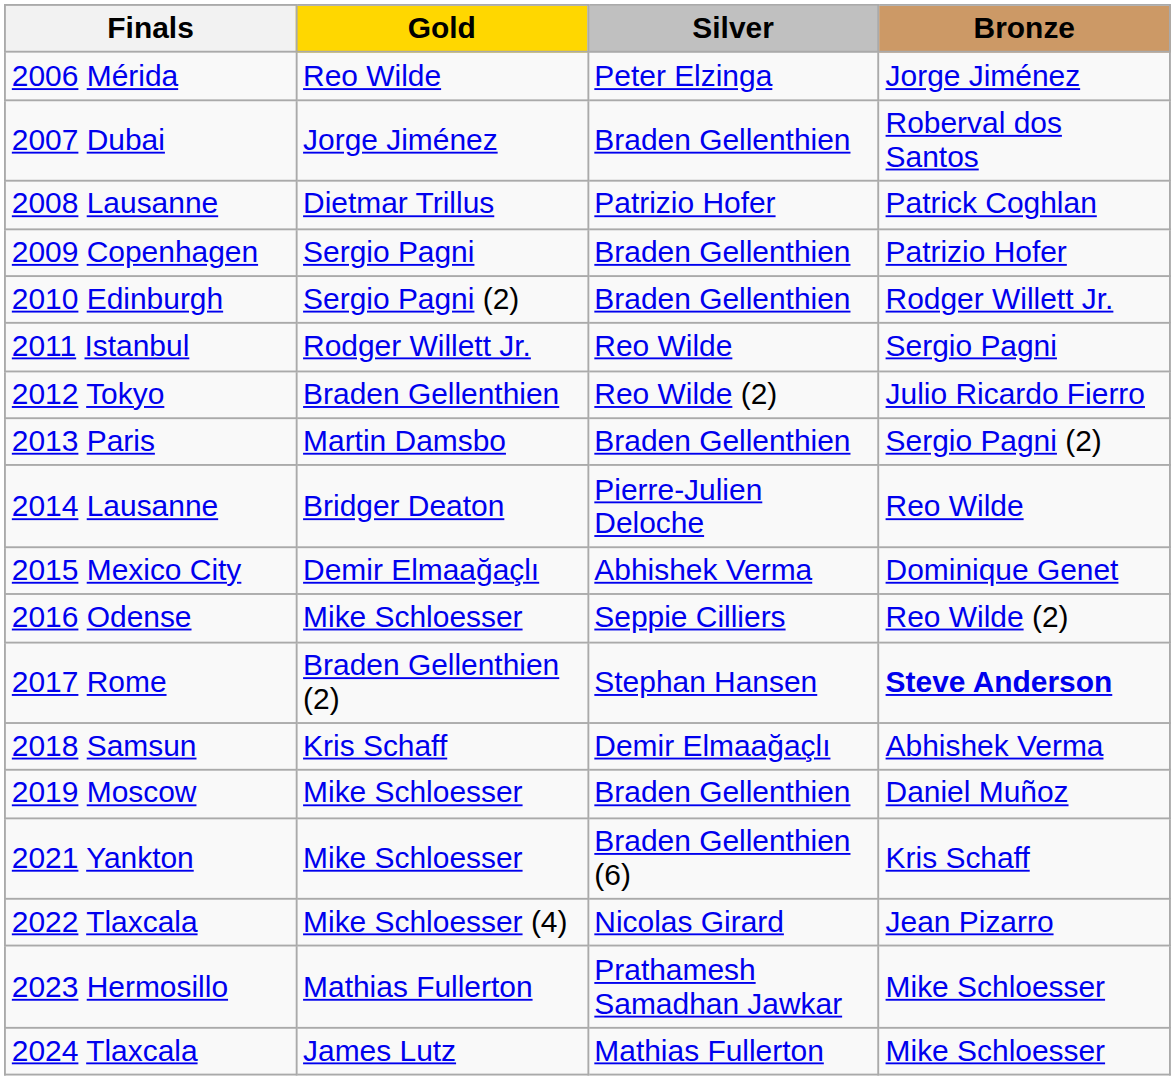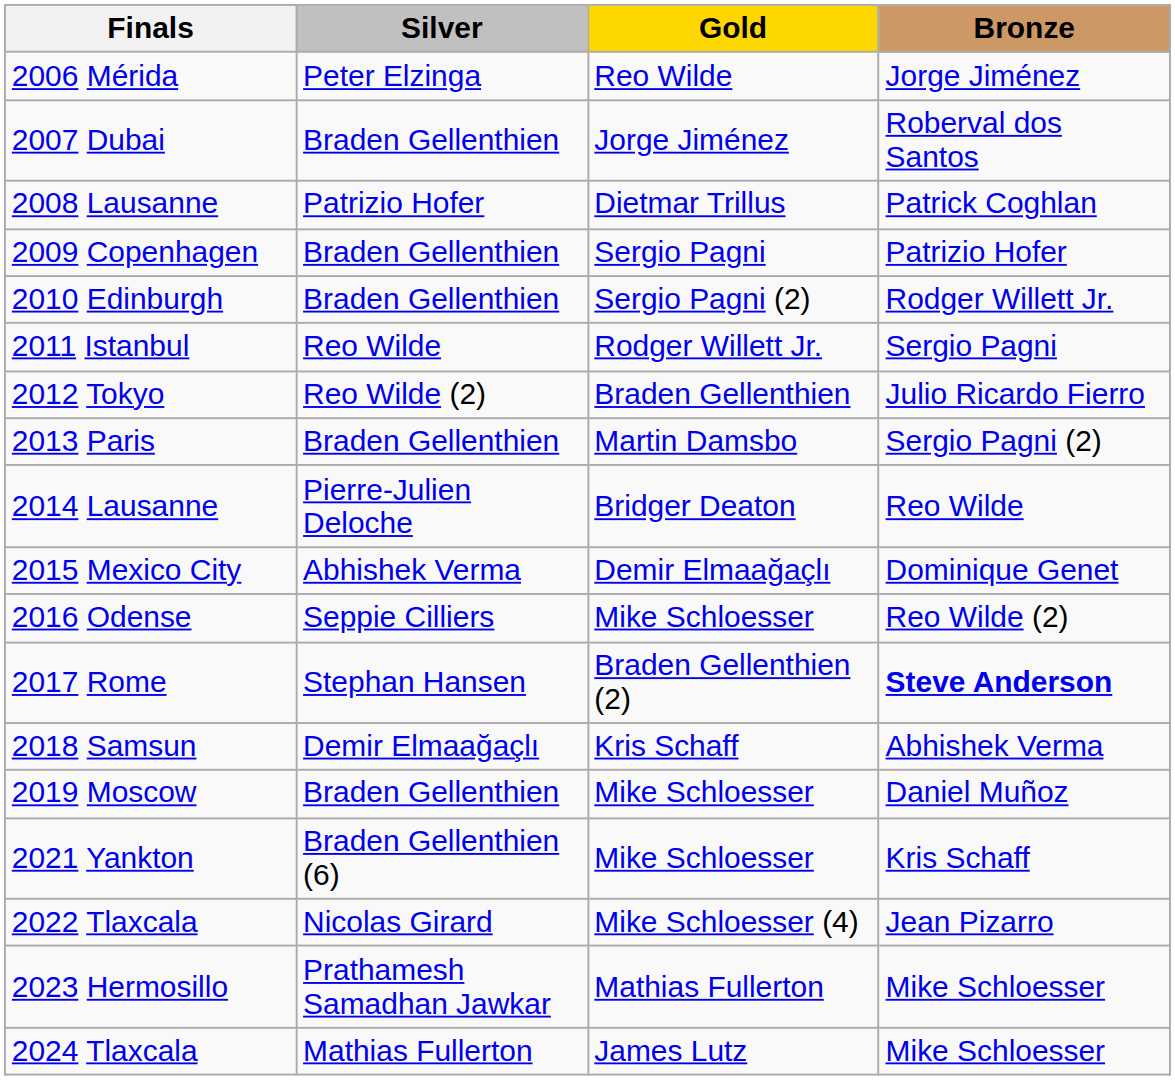 <table class="wikitable" style="width:100%">
 <tr>
 <th style="width:25%;">Finals</th>
+<th style="width:25%; background:silver">Silver</th>
 <th style="width:25%; background:gold">Gold</th>
-<th style="width:25%; background:silver">Silver</th>
 <th style="width:25%; background:#cc9966">Bronze</th>
 </tr>
 <tr>
 <td> <a href='#'>2006</a> <a href='#'>Mérida</a></td>
+<td> <a href='#'>Peter Elzinga</a></td>
 <td> <a href='#'>Reo Wilde</a></td>
-<td> <a href='#'>Peter Elzinga</a></td>
 <td> <a href='#'>Jorge Jiménez</a></td>
 </tr>
 <tr>
 <td> <a href='#'>2007</a> <a href='#'>Dubai</a></td>
+<td> <a href='#'>Braden Gellenthien</a></td>
 <td> <a href='#'>Jorge Jiménez</a></td>
-<td> <a href='#'>Braden Gellenthien</a></td>
 <td> <a href='#'>Roberval dos Santos</a></td>
 </tr>
 <tr>
 <td> <a href='#'>2008</a> <a href='#'>Lausanne</a></td>
+<td> <a href='#'>Patrizio Hofer</a></td>
 <td> <a href='#'>Dietmar Trillus</a></td>
-<td> <a href='#'>Patrizio Hofer</a></td>
 <td> <a href='#'>Patrick Coghlan</a></td>
 </tr>
 <tr>
 <td> <a href='#'>2009</a> <a href='#'>Copenhagen</a></td>
+<td> <a href='#'>Braden Gellenthien</a></td>
 <td> <a href='#'>Sergio Pagni</a></td>
-<td> <a href='#'>Braden Gellenthien</a></td>
 <td> <a href='#'>Patrizio Hofer</a></td>
 </tr>
 <tr>
 <td> <a href='#'>2010</a> <a href='#'>Edinburgh</a></td>
+<td> <a href='#'>Braden Gellenthien</a></td>
 <td> <a href='#'>Sergio Pagni</a> (2)</td>
-<td> <a href='#'>Braden Gellenthien</a></td>
 <td> <a href='#'>Rodger Willett Jr.</a></td>
 </tr>
 <tr>
 <td> <a href='#'>2011</a> <a href='#'>Istanbul</a></td>
+<td> <a href='#'>Reo Wilde</a></td>
 <td> <a href='#'>Rodger Willett Jr.</a></td>
-<td> <a href='#'>Reo Wilde</a></td>
 <td> <a href='#'>Sergio Pagni</a></td>
 </tr>
 <tr>
 <td> <a href='#'>2012</a> <a href='#'>Tokyo</a></td>
+<td> <a href='#'>Reo Wilde</a> (2)</td>
 <td> <a href='#'>Braden Gellenthien</a></td>
-<td> <a href='#'>Reo Wilde</a> (2)</td>
 <td> <a href='#'>Julio Ricardo Fierro</a></td>
 </tr>
 <tr>
 <td> <a href='#'>2013</a> <a href='#'>Paris</a></td>
+<td> <a href='#'>Braden Gellenthien</a></td>
 <td> <a href='#'>Martin Damsbo</a></td>
-<td> <a href='#'>Braden Gellenthien</a></td>
 <td> <a href='#'>Sergio Pagni</a> (2)</td>
 </tr>
 <tr>
 <td> <a href='#'>2014</a> <a href='#'>Lausanne</a></td>
+<td> <a href='#'>Pierre-Julien Deloche</a></td>
 <td> <a href='#'>Bridger Deaton</a></td>
-<td> <a href='#'>Pierre-Julien Deloche</a></td>
 <td> <a href='#'>Reo Wilde</a></td>
 </tr>
 <tr>
 <td> <a href='#'>2015</a> <a href='#'>Mexico City</a></td>
+<td> <a href='#'>Abhishek Verma</a></td>
 <td> <a href='#'>Demir Elmaağaçlı</a></td>
-<td> <a href='#'>Abhishek Verma</a></td>
 <td> <a href='#'>Dominique Genet</a></td>
 </tr>
 <tr>
 <td> <a href='#'>2016</a> <a href='#'>Odense</a></td>
+<td> <a href='#'>Seppie Cilliers</a></td>
 <td> <a href='#'>Mike Schloesser</a></td>
-<td> <a href='#'>Seppie Cilliers</a></td>
 <td> <a href='#'>Reo Wilde</a> (2)</td>
 </tr>
 <tr>
 <td> <a href='#'>2017</a> <a href='#'>Rome</a></td>
+<td> <a href='#'>Stephan Hansen</a></td>
 <td> <a href='#'>Braden Gellenthien</a> (2)</td>
-<td> <a href='#'>Stephan Hansen</a></td>
 <td><strong> <a href='#'>Steve Anderson</a></strong></td>
 </tr>
 <tr>
 <td> <a href='#'>2018</a> <a href='#'>Samsun</a></td>
+<td> <a href='#'>Demir Elmaağaçlı</a></td>
 <td> <a href='#'>Kris Schaff</a></td>
-<td> <a href='#'>Demir Elmaağaçlı</a></td>
 <td> <a href='#'>Abhishek Verma</a></td>
 </tr>
 <tr>
 <td> <a href='#'>2019</a> <a href='#'>Moscow</a></td>
+<td> <a href='#'>Braden Gellenthien</a></td>
 <td> <a href='#'>Mike Schloesser</a></td>
-<td> <a href='#'>Braden Gellenthien</a></td>
 <td> <a href='#'>Daniel Muñoz</a></td>
 </tr>
 <tr>
 <td> <a href='#'>2021</a> <a href='#'>Yankton</a></td>
+<td> <a href='#'>Braden Gellenthien</a> (6)</td>
 <td> <a href='#'>Mike Schloesser</a></td>
-<td> <a href='#'>Braden Gellenthien</a> (6)</td>
 <td> <a href='#'>Kris Schaff</a></td>
 </tr>
 <tr>
 <td> <a href='#'>2022</a> <a href='#'>Tlaxcala</a></td>
+<td> <a href='#'>Nicolas Girard</a></td>
 <td> <a href='#'>Mike Schloesser</a> (4)</td>
-<td> <a href='#'>Nicolas Girard</a></td>
 <td> <a href='#'>Jean Pizarro</a></td>
 </tr>
 <tr>
 <td> <a href='#'>2023</a> <a href='#'>Hermosillo</a></td>
+<td> <a href='#'>Prathamesh Samadhan Jawkar</a></td>
 <td> <a href='#'>Mathias Fullerton</a></td>
-<td> <a href='#'>Prathamesh Samadhan Jawkar</a></td>
 <td> <a href='#'>Mike Schloesser</a></td>
 </tr>
 <tr>
 <td> <a href='#'>2024</a> <a href='#'>Tlaxcala</a></td>
+<td> <a href='#'>Mathias Fullerton</a></td>
 <td> <a href='#'>James Lutz</a></td>
-<td> <a href='#'>Mathias Fullerton</a></td>
 <td> <a href='#'>Mike Schloesser</a></td>
 </tr>
 </table>
